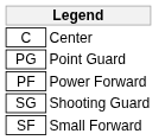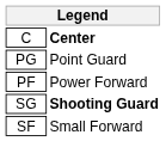 <table class="toccolours" style="margin-left: 50px; font-size: 90%; white-space: nowrap; valign: middle;">
 <tr>
 <th colspan="6" style="background-color: #F2F2F2; border: 1px solid #AAAAAA;">Legend</th>
 </tr>
 <tr>
 <td style="border: 1px solid black; text-align:center">  C  </td>
-<td>Center</td>
+<td><strong>Center</strong></td>
 </tr>
 <tr>
 <td style="border: 1px solid black; text-align:center">  PG  </td>
 <td>Point Guard</td>
 </tr>
 <tr>
 <td style="border: 1px solid black; text-align:center">  PF  </td>
 <td>Power Forward</td>
 </tr>
 <tr>
 <td style="border: 1px solid black; text-align:center">  SG  </td>
-<td>Shooting Guard</td>
+<td><strong>Shooting Guard</strong></td>
 </tr>
 <tr>
 <td style="border: 1px solid black; text-align:center">  SF  </td>
 <td>Small Forward</td>
 </tr>
 <tr>
 </tr>
 </table>
